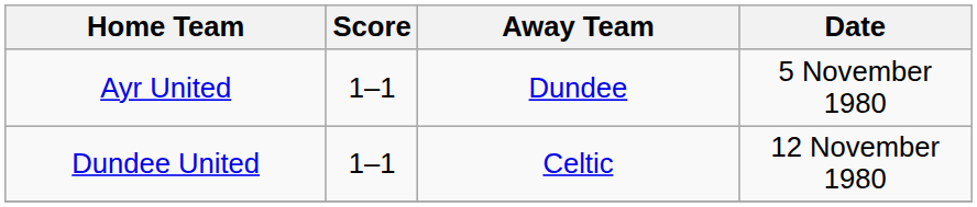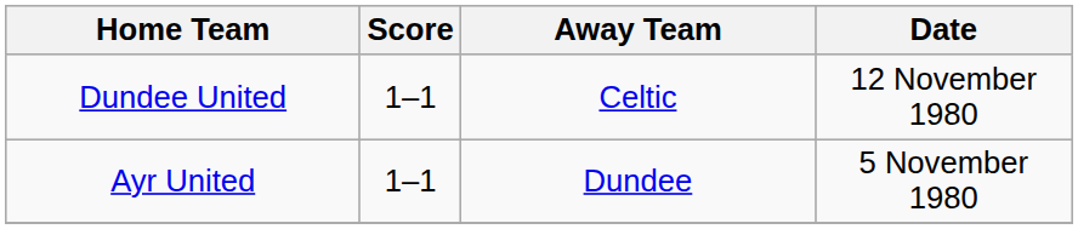 <table class="wikitable" style="text-align:center;">
 <tr>
 <th width=175>Home Team</th>
 <th width=20>Score</th>
 <th width=175>Away Team</th>
 <th width= 125>Date</th>
 </tr>
 <tr>
+<td><a href='#'>Dundee United</a></td>
+<td>1–1</td>
+<td><a href='#'>Celtic</a></td>
+<td>12 November 1980</td>
+</tr>
+<tr>
 <td><a href='#'>Ayr United</a></td>
 <td>1–1</td>
 <td><a href='#'>Dundee</a></td>
 <td>5 November 1980</td>
 </tr>
 <tr>
-<td><a href='#'>Dundee United</a></td>
-<td>1–1</td>
-<td><a href='#'>Celtic</a></td>
-<td>12 November 1980</td>
-</tr>
-<tr>
 </tr>
 </table>
